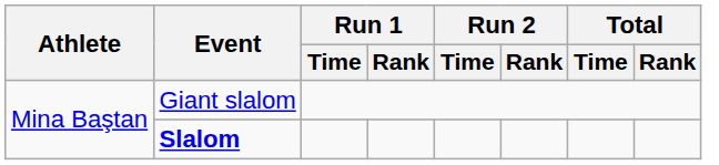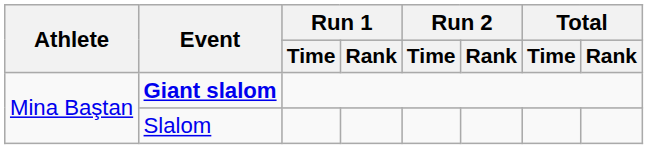 <table class="wikitable" style="font-size:90%">
 <tr>
 <th rowspan=2>Athlete</th>
 <th rowspan=2>Event</th>
 <th colspan=2>Run 1</th>
 <th colspan=2>Run 2</th>
 <th colspan=2>Total</th>
 </tr>
 <tr style="font-size:95%">
 <th>Time</th>
 <th>Rank</th>
 <th>Time</th>
 <th>Rank</th>
 <th>Time</th>
 <th>Rank</th>
 </tr>
 <tr align=center>
 <td align="left" rowspan="2"><a href='#'>Mina Baştan</a></td>
-<td align="left"><a href='#'>Giant slalom</a></td>
+<td align="left"><strong><a href='#'>Giant slalom</a></strong></td>
 <td colspan=6></td>
 </tr>
 <tr align=center>
-<td align="left"><strong><a href='#'>Slalom</a></strong></td>
+<td align="left"><a href='#'>Slalom</a></td>
 <td></td>
 <td></td>
 <td></td>
 <td></td>
 <td></td>
 <td></td>
 </tr>
 </table>
